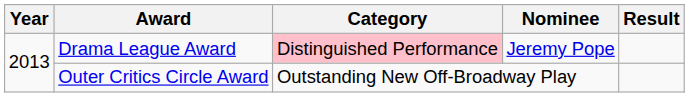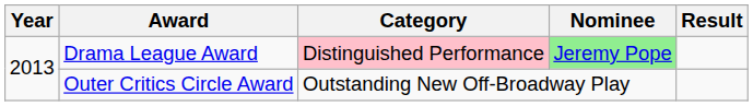 <table class="wikitable">
 <tr>
 <th>Year</th>
 <th>Award</th>
 <th>Category</th>
 <th>Nominee</th>
 <th>Result</th>
 </tr>
 <tr>
 <td rowspan="2">2013</td>
 <td><a href='#'>Drama League Award</a></td>
 <td style="background: pink;">Distinguished Performance</td>
-<td><a href='#'>Jeremy Pope</a></td>
+<td style="background: lightgreen;"><a href='#'>Jeremy Pope</a></td>
 <td></td>
 </tr>
 <tr>
 <td><a href='#'>Outer Critics Circle Award</a></td>
 <td colspan="2">Outstanding New Off-Broadway Play</td>
 <td></td>
 </tr>
 </table>
